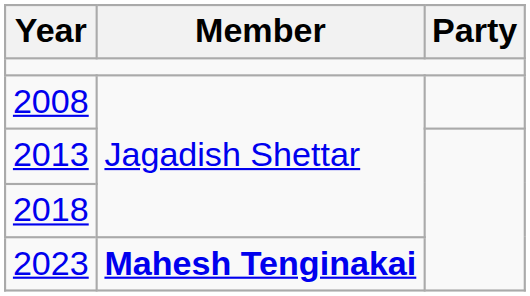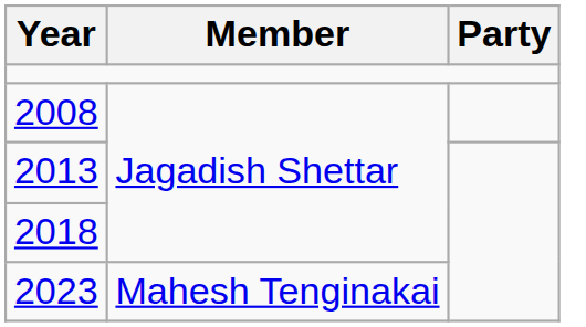 <table class="wikitable sortable">
 <tr>
 <th>Year</th>
 <th>Member</th>
 <th colspan="2">Party</th>
 </tr>
 <tr>
 <td colspan="4"></td>
 </tr>
 <tr>
 <td><a href='#'>2008</a></td>
 <td rowspan="3"><a href='#'>Jagadish Shettar</a></td>
 <td></td>
 </tr>
 <tr>
 <td><a href='#'>2013</a></td>
 </tr>
 <tr>
 <td><a href='#'>2018</a></td>
 </tr>
 <tr>
 <td><a href='#'>2023</a></td>
-<td><strong><a href='#'>Mahesh Tenginakai</a></strong></td>
+<td><a href='#'>Mahesh Tenginakai</a></td>
 </tr>
 </table>
